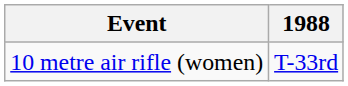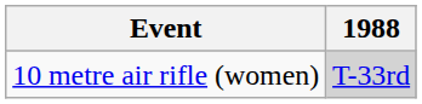 <table class="wikitable" style="text-align: center">
 <tr>
 <th>Event</th>
 <th>1988</th>
 </tr>
 <tr>
 <td align=left><a href='#'>10 metre air rifle</a> (women)</td>
-<td><a href='#'>T-33rd</a></td>
+<td style="background: lightgrey;"><a href='#'>T-33rd</a></td>
 </tr>
 </table>
